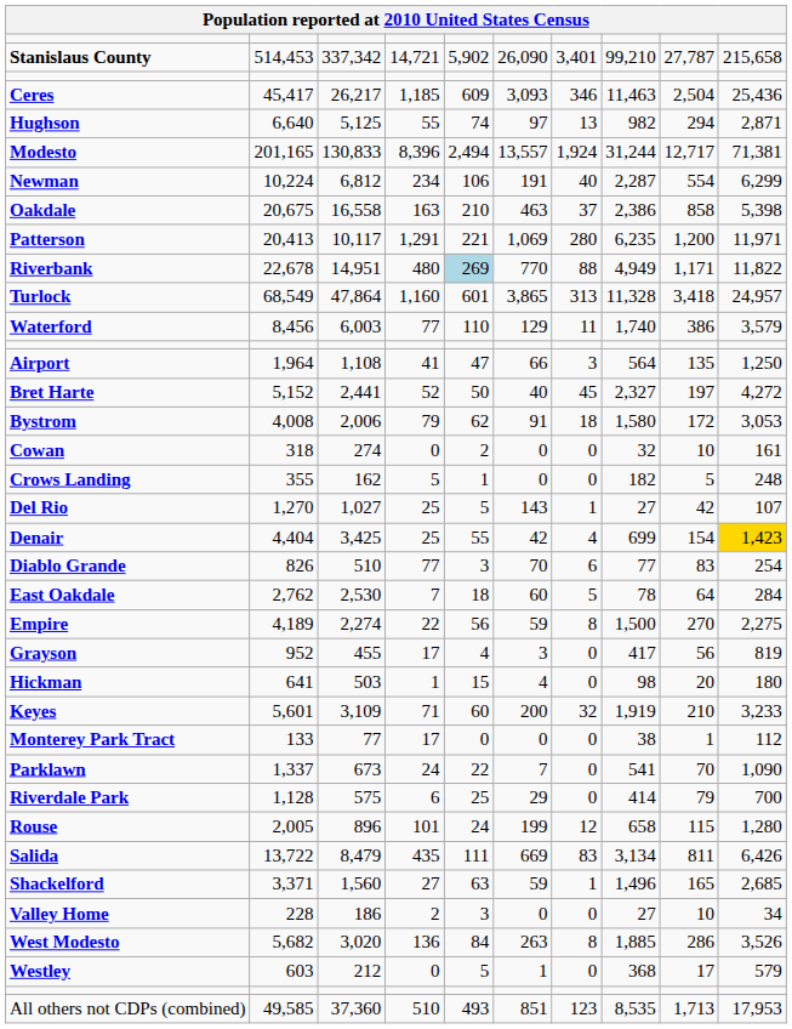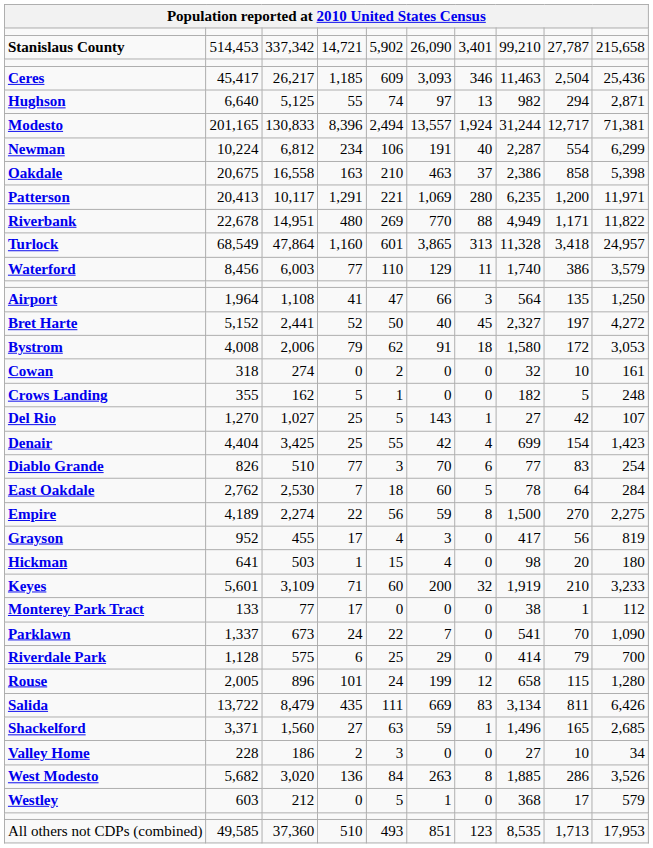 <table class="wikitable collapsible collapsed">
 <tr>
 <th colspan=10>Population reported at <a href='#'>2010 United States Census</a></th>
 </tr>
 <tr>
 <td></td>
 <td></td>
 <td></td>
 <td></td>
 <td></td>
 <td></td>
 <td></td>
 <td></td>
 <td></td>
 <td></td>
 </tr>
 <tr>
 <td><strong> Stanislaus County</strong></td>
 <td align="right">514,453</td>
 <td align="right">337,342</td>
 <td align="right">14,721</td>
 <td align="right">5,902</td>
 <td align="right">26,090</td>
 <td align="right">3,401</td>
 <td align="right">99,210</td>
 <td align="right">27,787</td>
 <td align="right">215,658</td>
 </tr>
 <tr>
 <td></td>
 <td></td>
 <td></td>
 <td></td>
 <td></td>
 <td></td>
 <td></td>
 <td></td>
 <td></td>
 <td></td>
 </tr>
 <tr>
 <td><strong><a href='#'>Ceres</a></strong></td>
 <td align="right">45,417</td>
 <td align="right">26,217</td>
 <td align="right">1,185</td>
 <td align="right">609</td>
 <td align="right">3,093</td>
 <td align="right">346</td>
 <td align="right">11,463</td>
 <td align="right">2,504</td>
 <td align="right">25,436</td>
 </tr>
 <tr>
 <td><strong><a href='#'>Hughson</a></strong></td>
 <td align="right">6,640</td>
 <td align="right">5,125</td>
 <td align="right">55</td>
 <td align="right">74</td>
 <td align="right">97</td>
 <td align="right">13</td>
 <td align="right">982</td>
 <td align="right">294</td>
 <td align="right">2,871</td>
 </tr>
 <tr>
 <td><strong><a href='#'>Modesto</a></strong></td>
 <td align="right">201,165</td>
 <td align="right">130,833</td>
 <td align="right">8,396</td>
 <td align="right">2,494</td>
 <td align="right">13,557</td>
 <td align="right">1,924</td>
 <td align="right">31,244</td>
 <td align="right">12,717</td>
 <td align="right">71,381</td>
 </tr>
 <tr>
 <td><strong><a href='#'>Newman</a></strong></td>
 <td align="right">10,224</td>
 <td align="right">6,812</td>
 <td align="right">234</td>
 <td align="right">106</td>
 <td align="right">191</td>
 <td align="right">40</td>
 <td align="right">2,287</td>
 <td align="right">554</td>
 <td align="right">6,299</td>
 </tr>
 <tr>
 <td><strong><a href='#'>Oakdale</a></strong></td>
 <td align="right">20,675</td>
 <td align="right">16,558</td>
 <td align="right">163</td>
 <td align="right">210</td>
 <td align="right">463</td>
 <td align="right">37</td>
 <td align="right">2,386</td>
 <td align="right">858</td>
 <td align="right">5,398</td>
 </tr>
 <tr>
 <td><strong><a href='#'>Patterson</a></strong></td>
 <td align="right">20,413</td>
 <td align="right">10,117</td>
 <td align="right">1,291</td>
 <td align="right">221</td>
 <td align="right">1,069</td>
 <td align="right">280</td>
 <td align="right">6,235</td>
 <td align="right">1,200</td>
 <td align="right">11,971</td>
 </tr>
 <tr>
 <td><strong><a href='#'>Riverbank</a></strong></td>
 <td align="right">22,678</td>
 <td align="right">14,951</td>
 <td align="right">480</td>
-<td align="right" style="background: lightblue;">269</td>
+<td align="right">269</td>
 <td align="right">770</td>
 <td align="right">88</td>
 <td align="right">4,949</td>
 <td align="right">1,171</td>
 <td align="right">11,822</td>
 </tr>
 <tr>
 <td><strong><a href='#'>Turlock</a></strong></td>
 <td align="right">68,549</td>
 <td align="right">47,864</td>
 <td align="right">1,160</td>
 <td align="right">601</td>
 <td align="right">3,865</td>
 <td align="right">313</td>
 <td align="right">11,328</td>
 <td align="right">3,418</td>
 <td align="right">24,957</td>
 </tr>
 <tr>
 <td><strong><a href='#'>Waterford</a></strong></td>
 <td align="right">8,456</td>
 <td align="right">6,003</td>
 <td align="right">77</td>
 <td align="right">110</td>
 <td align="right">129</td>
 <td align="right">11</td>
 <td align="right">1,740</td>
 <td align="right">386</td>
 <td align="right">3,579</td>
 </tr>
 <tr>
 <td></td>
 <td></td>
 <td></td>
 <td></td>
 <td></td>
 <td></td>
 <td></td>
 <td></td>
 <td></td>
 <td></td>
 </tr>
 <tr>
 <td><strong><a href='#'>Airport</a></strong></td>
 <td align="right">1,964</td>
 <td align="right">1,108</td>
 <td align="right">41</td>
 <td align="right">47</td>
 <td align="right">66</td>
 <td align="right">3</td>
 <td align="right">564</td>
 <td align="right">135</td>
 <td align="right">1,250</td>
 </tr>
 <tr>
 <td><strong><a href='#'>Bret Harte</a></strong></td>
 <td align="right">5,152</td>
 <td align="right">2,441</td>
 <td align="right">52</td>
 <td align="right">50</td>
 <td align="right">40</td>
 <td align="right">45</td>
 <td align="right">2,327</td>
 <td align="right">197</td>
 <td align="right">4,272</td>
 </tr>
 <tr>
 <td><strong><a href='#'>Bystrom</a></strong></td>
 <td align="right">4,008</td>
 <td align="right">2,006</td>
 <td align="right">79</td>
 <td align="right">62</td>
 <td align="right">91</td>
 <td align="right">18</td>
 <td align="right">1,580</td>
 <td align="right">172</td>
 <td align="right">3,053</td>
 </tr>
 <tr>
 <td><strong><a href='#'>Cowan</a></strong></td>
 <td align="right">318</td>
 <td align="right">274</td>
 <td align="right">0</td>
 <td align="right">2</td>
 <td align="right">0</td>
 <td align="right">0</td>
 <td align="right">32</td>
 <td align="right">10</td>
 <td align="right">161</td>
 </tr>
 <tr>
 <td><strong><a href='#'>Crows Landing</a></strong></td>
 <td align="right">355</td>
 <td align="right">162</td>
 <td align="right">5</td>
 <td align="right">1</td>
 <td align="right">0</td>
 <td align="right">0</td>
 <td align="right">182</td>
 <td align="right">5</td>
 <td align="right">248</td>
 </tr>
 <tr>
 <td><strong><a href='#'>Del Rio</a></strong></td>
 <td align="right">1,270</td>
 <td align="right">1,027</td>
 <td align="right">25</td>
 <td align="right">5</td>
 <td align="right">143</td>
 <td align="right">1</td>
 <td align="right">27</td>
 <td align="right">42</td>
 <td align="right">107</td>
 </tr>
 <tr>
 <td><strong><a href='#'>Denair</a></strong></td>
 <td align="right">4,404</td>
 <td align="right">3,425</td>
 <td align="right">25</td>
 <td align="right">55</td>
 <td align="right">42</td>
 <td align="right">4</td>
 <td align="right">699</td>
 <td align="right">154</td>
-<td align="right" style="background: gold;">1,423</td>
+<td align="right">1,423</td>
 </tr>
 <tr>
 <td><strong><a href='#'>Diablo Grande</a></strong></td>
 <td align="right">826</td>
 <td align="right">510</td>
 <td align="right">77</td>
 <td align="right">3</td>
 <td align="right">70</td>
 <td align="right">6</td>
 <td align="right">77</td>
 <td align="right">83</td>
 <td align="right">254</td>
 </tr>
 <tr>
 <td><strong><a href='#'>East Oakdale</a></strong></td>
 <td align="right">2,762</td>
 <td align="right">2,530</td>
 <td align="right">7</td>
 <td align="right">18</td>
 <td align="right">60</td>
 <td align="right">5</td>
 <td align="right">78</td>
 <td align="right">64</td>
 <td align="right">284</td>
 </tr>
 <tr>
 <td><strong><a href='#'>Empire</a></strong></td>
 <td align="right">4,189</td>
 <td align="right">2,274</td>
 <td align="right">22</td>
 <td align="right">56</td>
 <td align="right">59</td>
 <td align="right">8</td>
 <td align="right">1,500</td>
 <td align="right">270</td>
 <td align="right">2,275</td>
 </tr>
 <tr>
 <td><strong><a href='#'>Grayson</a></strong></td>
 <td align="right">952</td>
 <td align="right">455</td>
 <td align="right">17</td>
 <td align="right">4</td>
 <td align="right">3</td>
 <td align="right">0</td>
 <td align="right">417</td>
 <td align="right">56</td>
 <td align="right">819</td>
 </tr>
 <tr>
 <td><strong><a href='#'>Hickman</a></strong></td>
 <td align="right">641</td>
 <td align="right">503</td>
 <td align="right">1</td>
 <td align="right">15</td>
 <td align="right">4</td>
 <td align="right">0</td>
 <td align="right">98</td>
 <td align="right">20</td>
 <td align="right">180</td>
 </tr>
 <tr>
 <td><strong><a href='#'>Keyes</a></strong></td>
 <td align="right">5,601</td>
 <td align="right">3,109</td>
 <td align="right">71</td>
 <td align="right">60</td>
 <td align="right">200</td>
 <td align="right">32</td>
 <td align="right">1,919</td>
 <td align="right">210</td>
 <td align="right">3,233</td>
 </tr>
 <tr>
 <td><strong><a href='#'>Monterey Park Tract</a></strong></td>
 <td align="right">133</td>
 <td align="right">77</td>
 <td align="right">17</td>
 <td align="right">0</td>
 <td align="right">0</td>
 <td align="right">0</td>
 <td align="right">38</td>
 <td align="right">1</td>
 <td align="right">112</td>
 </tr>
 <tr>
 <td><strong><a href='#'>Parklawn</a></strong></td>
 <td align="right">1,337</td>
 <td align="right">673</td>
 <td align="right">24</td>
 <td align="right">22</td>
 <td align="right">7</td>
 <td align="right">0</td>
 <td align="right">541</td>
 <td align="right">70</td>
 <td align="right">1,090</td>
 </tr>
 <tr>
 <td><strong><a href='#'>Riverdale Park</a></strong></td>
 <td align="right">1,128</td>
 <td align="right">575</td>
 <td align="right">6</td>
 <td align="right">25</td>
 <td align="right">29</td>
 <td align="right">0</td>
 <td align="right">414</td>
 <td align="right">79</td>
 <td align="right">700</td>
 </tr>
 <tr>
 <td><strong><a href='#'>Rouse</a></strong></td>
 <td align="right">2,005</td>
 <td align="right">896</td>
 <td align="right">101</td>
 <td align="right">24</td>
 <td align="right">199</td>
 <td align="right">12</td>
 <td align="right">658</td>
 <td align="right">115</td>
 <td align="right">1,280</td>
 </tr>
 <tr>
 <td><strong><a href='#'>Salida</a></strong></td>
 <td align="right">13,722</td>
 <td align="right">8,479</td>
 <td align="right">435</td>
 <td align="right">111</td>
 <td align="right">669</td>
 <td align="right">83</td>
 <td align="right">3,134</td>
 <td align="right">811</td>
 <td align="right">6,426</td>
 </tr>
 <tr>
 <td><strong><a href='#'>Shackelford</a></strong></td>
 <td align="right">3,371</td>
 <td align="right">1,560</td>
 <td align="right">27</td>
 <td align="right">63</td>
 <td align="right">59</td>
 <td align="right">1</td>
 <td align="right">1,496</td>
 <td align="right">165</td>
 <td align="right">2,685</td>
 </tr>
 <tr>
 <td><strong><a href='#'>Valley Home</a></strong></td>
 <td align="right">228</td>
 <td align="right">186</td>
 <td align="right">2</td>
 <td align="right">3</td>
 <td align="right">0</td>
 <td align="right">0</td>
 <td align="right">27</td>
 <td align="right">10</td>
 <td align="right">34</td>
 </tr>
 <tr>
 <td><strong><a href='#'>West Modesto</a></strong></td>
 <td align="right">5,682</td>
 <td align="right">3,020</td>
 <td align="right">136</td>
 <td align="right">84</td>
 <td align="right">263</td>
 <td align="right">8</td>
 <td align="right">1,885</td>
 <td align="right">286</td>
 <td align="right">3,526</td>
 </tr>
 <tr>
 <td><strong><a href='#'>Westley</a></strong></td>
 <td align="right">603</td>
 <td align="right">212</td>
 <td align="right">0</td>
 <td align="right">5</td>
 <td align="right">1</td>
 <td align="right">0</td>
 <td align="right">368</td>
 <td align="right">17</td>
 <td align="right">579</td>
 </tr>
 <tr>
 <td></td>
 <td></td>
 <td></td>
 <td></td>
 <td></td>
 <td></td>
 <td></td>
 <td></td>
 <td></td>
 <td></td>
 </tr>
 <tr>
 <td>All others not CDPs (combined)</td>
 <td align="right">49,585</td>
 <td align="right">37,360</td>
 <td align="right">510</td>
 <td align="right">493</td>
 <td align="right">851</td>
 <td align="right">123</td>
 <td align="right">8,535</td>
 <td align="right">1,713</td>
 <td align="right">17,953</td>
 </tr>
 </table>
